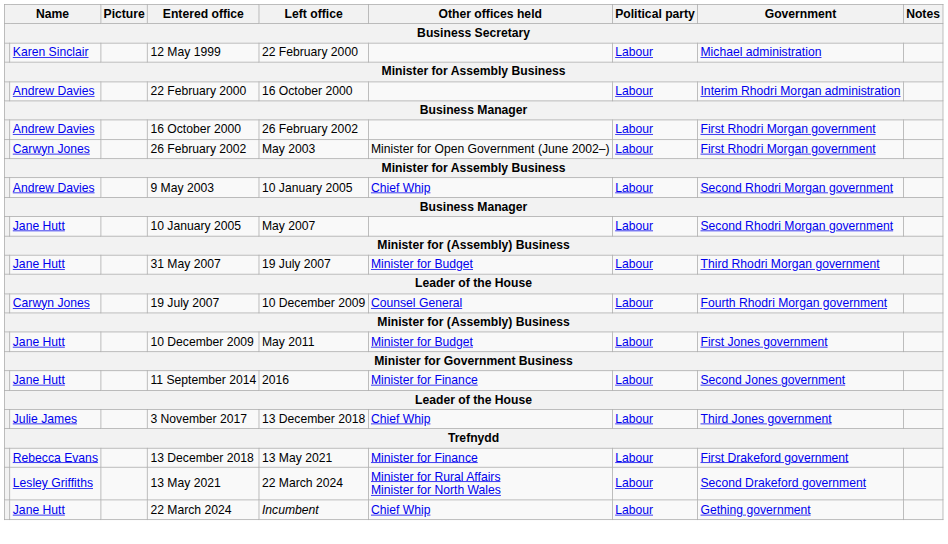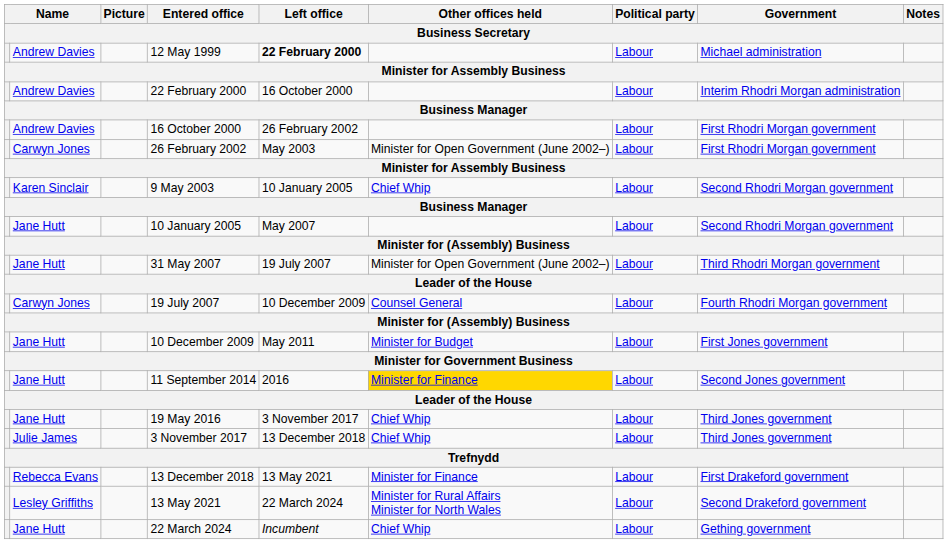 <table class="wikitable">
 <tr>
 <th colspan="2">Name</th>
 <th>Picture</th>
 <th>Entered office</th>
 <th>Left office</th>
 <th>Other offices held</th>
 <th>Political party</th>
 <th>Government</th>
 <th>Notes</th>
 </tr>
 <tr>
 <th colspan="9">Business Secretary</th>
 </tr>
 <tr>
 <th style="background-color:"></th>
-<td><a href='#'>Karen Sinclair</a></td>
+<td><a href='#'>Andrew Davies</a></td>
 <td></td>
 <td>12 May 1999</td>
-<td>22 February 2000</td>
+<td><strong>22 February 2000</strong></td>
 <td></td>
 <td><a href='#'>Labour</a></td>
 <td><a href='#'>Michael administration</a></td>
 <td></td>
 </tr>
 <tr>
 <th colspan="9">Minister for Assembly Business</th>
 </tr>
 <tr>
 <th style="background-color:"></th>
 <td><a href='#'>Andrew Davies</a></td>
 <td></td>
 <td>22 February 2000</td>
 <td>16 October 2000</td>
 <td></td>
 <td><a href='#'>Labour</a></td>
 <td><a href='#'>Interim Rhodri Morgan administration</a></td>
 <td></td>
 </tr>
 <tr>
 <th colspan="9">Business Manager</th>
 </tr>
 <tr>
 <th style="background-color:"></th>
 <td><a href='#'>Andrew Davies</a></td>
 <td></td>
 <td>16 October 2000</td>
 <td>26 February 2002</td>
 <td></td>
 <td><a href='#'>Labour</a></td>
 <td><a href='#'>First Rhodri Morgan government</a></td>
 <td></td>
 </tr>
 <tr>
 <th style="background-color:"></th>
 <td><a href='#'>Carwyn Jones</a></td>
 <td></td>
 <td>26 February 2002</td>
 <td>May 2003</td>
 <td>Minister for Open Government (June 2002–)</td>
 <td><a href='#'>Labour</a></td>
 <td><a href='#'>First Rhodri Morgan government</a></td>
 <td></td>
 </tr>
 <tr>
 <th colspan="9">Minister for Assembly Business</th>
 </tr>
 <tr>
 <th style="background-color:"></th>
-<td><a href='#'>Andrew Davies</a></td>
+<td><a href='#'>Karen Sinclair</a></td>
 <td></td>
 <td>9 May 2003</td>
 <td>10 January 2005</td>
 <td><a href='#'>Chief Whip</a></td>
 <td><a href='#'>Labour</a></td>
 <td><a href='#'>Second Rhodri Morgan government</a></td>
 <td></td>
 </tr>
 <tr>
 <th colspan="9">Business Manager</th>
 </tr>
 <tr>
 <th style="background-color:"></th>
 <td><a href='#'>Jane Hutt</a></td>
 <td></td>
 <td>10 January 2005</td>
 <td>May 2007</td>
 <td></td>
 <td><a href='#'>Labour</a></td>
 <td><a href='#'>Second Rhodri Morgan government</a></td>
 <td></td>
 </tr>
 <tr>
 <th colspan="9">Minister for (Assembly) Business</th>
 </tr>
 <tr>
 <th style="background-color:"></th>
 <td><a href='#'>Jane Hutt</a></td>
 <td></td>
 <td>31 May 2007</td>
 <td>19 July 2007</td>
-<td><a href='#'>Minister for Budget</a></td>
+<td>Minister for Open Government (June 2002–)</td>
 <td><a href='#'>Labour</a></td>
 <td><a href='#'>Third Rhodri Morgan government</a></td>
 <td></td>
 </tr>
 <tr>
 <th colspan="9">Leader of the House</th>
 </tr>
 <tr>
 <th style="background-color:"></th>
 <td><a href='#'>Carwyn Jones</a></td>
 <td></td>
 <td>19 July 2007</td>
 <td>10 December 2009</td>
 <td><a href='#'>Counsel General</a></td>
 <td><a href='#'>Labour</a></td>
 <td><a href='#'>Fourth Rhodri Morgan government</a></td>
 <td></td>
 </tr>
 <tr>
 <th colspan="9">Minister for (Assembly) Business</th>
 </tr>
 <tr>
 <th style="background-color:"></th>
 <td><a href='#'>Jane Hutt</a></td>
 <td></td>
 <td>10 December 2009</td>
 <td>May 2011</td>
 <td><a href='#'>Minister for Budget</a></td>
 <td><a href='#'>Labour</a></td>
 <td><a href='#'>First Jones government</a></td>
 <td></td>
 </tr>
 <tr>
 <th colspan="9">Minister for Government Business</th>
 </tr>
 <tr>
 <th style="background-color:"></th>
 <td><a href='#'>Jane Hutt</a></td>
 <td></td>
 <td>11 September 2014</td>
 <td>2016</td>
-<td><a href='#'>Minister for Finance</a></td>
+<td style="background: gold;"><a href='#'>Minister for Finance</a></td>
 <td><a href='#'>Labour</a></td>
 <td><a href='#'>Second Jones government</a></td>
 <td></td>
 </tr>
 <tr>
 <th colspan="9">Leader of the House</th>
+</tr>
+<tr>
+<th style="background-color:"></th>
+<td><a href='#'>Jane Hutt</a></td>
+<td></td>
+<td>19 May 2016</td>
+<td>3 November 2017</td>
+<td><a href='#'>Chief Whip</a></td>
+<td><a href='#'>Labour</a></td>
+<td><a href='#'>Third Jones government</a></td>
+<td></td>
 </tr>
 <tr>
 <th style="background-color:"></th>
 <td><a href='#'>Julie James</a></td>
 <td></td>
 <td>3 November 2017</td>
 <td>13 December 2018</td>
 <td><a href='#'>Chief Whip</a></td>
 <td><a href='#'>Labour</a></td>
 <td><a href='#'>Third Jones government</a></td>
 <td></td>
 </tr>
 <tr>
 <th colspan="9">Trefnydd</th>
 </tr>
 <tr>
 <th style="background-color:"></th>
 <td><a href='#'>Rebecca Evans</a></td>
 <td></td>
 <td>13 December 2018</td>
 <td>13 May 2021</td>
 <td><a href='#'>Minister for Finance</a></td>
 <td><a href='#'>Labour</a></td>
 <td><a href='#'>First Drakeford government</a></td>
 <td></td>
 </tr>
 <tr>
 <th style="background-color:"></th>
 <td><a href='#'>Lesley Griffiths</a></td>
 <td></td>
 <td>13 May 2021</td>
 <td>22 March 2024</td>
 <td><a href='#'>Minister for Rural Affairs</a><br><a href='#'>Minister for North Wales</a></td>
 <td><a href='#'>Labour</a></td>
 <td><a href='#'>Second Drakeford government</a></td>
 <td></td>
 </tr>
 <tr>
 <th style="background-color:"></th>
 <td><a href='#'>Jane Hutt</a></td>
 <td></td>
 <td>22 March 2024</td>
 <td><em>Incumbent</em></td>
 <td><a href='#'>Chief Whip</a></td>
 <td><a href='#'>Labour</a></td>
 <td><a href='#'>Gething government</a></td>
 <td></td>
 </tr>
 </table>
